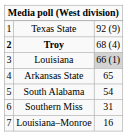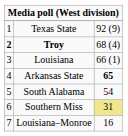 <table class="wikitable" style="display: inline-table;">
 <tr>
 <td align="center" Colspan="3"><strong>Media poll (West division)</strong></td>
 </tr>
 <tr align="center">
 </tr>
 <tr align="center">
 <td>1</td>
 <td>Texas State</td>
 <td>92 (9)</td>
 </tr>
 <tr align="center">
 <td><strong>2</strong></td>
 <td><strong>Troy</strong></td>
 <td>68 (4)</td>
 </tr>
 <tr align="center">
 <td>3</td>
 <td>Louisiana</td>
-<td style="background: lightgrey;">66 (1)</td>
+<td>66 (1)</td>
 </tr>
 <tr align="center">
 <td>4</td>
 <td>Arkansas State</td>
-<td>65</td>
+<td><strong>65</strong></td>
 </tr>
 <tr align="center">
 <td>5</td>
 <td>South Alabama</td>
 <td>54</td>
 </tr>
 <tr align="center">
 <td>6</td>
 <td>Southern Miss</td>
-<td>31</td>
+<td style="background: khaki;">31</td>
 </tr>
 <tr align="center">
 <td>7</td>
 <td>Louisiana–Monroe</td>
 <td>16</td>
 </tr>
 </table>
